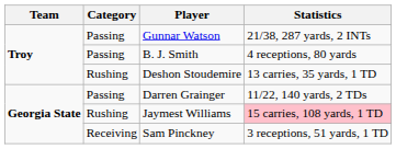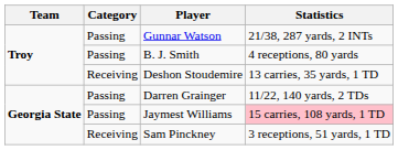 <table class="wikitable" style="float: left;">
 <tr>
 <th>Team</th>
 <th>Category</th>
 <th>Player</th>
 <th>Statistics</th>
 </tr>
 <tr>
 <td rowspan=3><strong>Troy</strong></td>
 <td>Passing</td>
 <td><a href='#'>Gunnar Watson</a></td>
 <td>21/38, 287 yards, 2 INTs</td>
 </tr>
 <tr>
 <td>Passing</td>
 <td>B. J. Smith</td>
 <td>4 receptions, 80 yards</td>
 </tr>
 <tr>
-<td>Rushing</td>
+<td>Receiving</td>
 <td>Deshon Stoudemire</td>
 <td>13 carries, 35 yards, 1 TD</td>
 </tr>
 <tr>
 <td rowspan=3><strong>Georgia State</strong></td>
 <td>Passing</td>
 <td>Darren Grainger</td>
 <td>11/22, 140 yards, 2 TDs</td>
 </tr>
 <tr>
-<td>Rushing</td>
+<td>Passing</td>
 <td>Jaymest Williams</td>
 <td style="background: pink;">15 carries, 108 yards, 1 TD</td>
 </tr>
 <tr>
 <td>Receiving</td>
 <td>Sam Pinckney</td>
 <td>3 receptions, 51 yards, 1 TD</td>
 </tr>
 </table>
